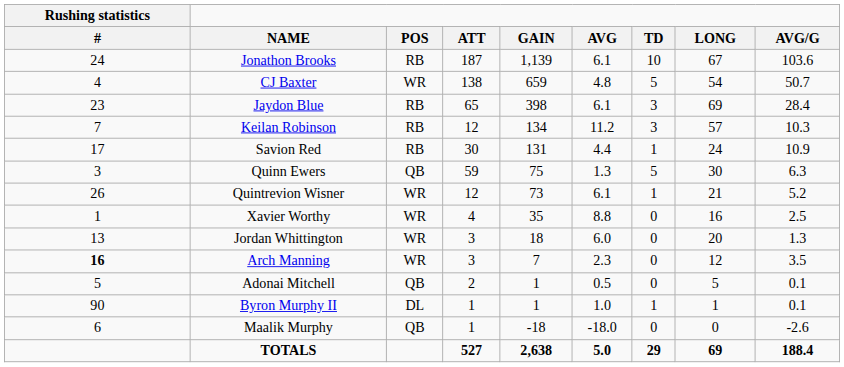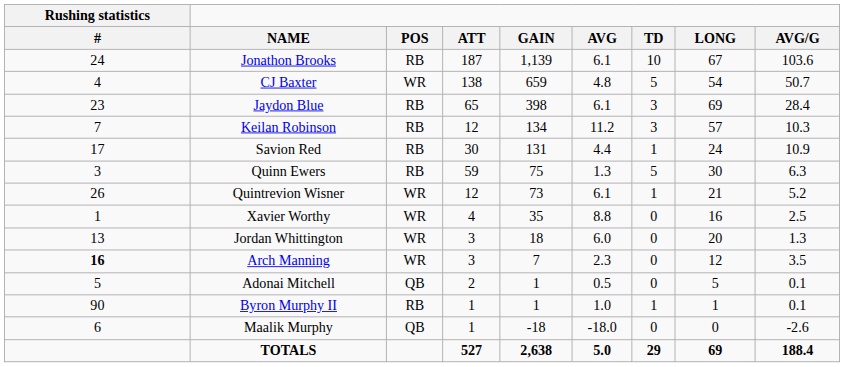 <table style="width:60%; text-align:center;" class="wikitable collapsible collapsed">
 <tr>
 <th style="text-align:center; ">Rushing statistics</th>
 </tr>
 <tr>
 <th>#</th>
 <th>NAME</th>
 <th>POS</th>
 <th>ATT</th>
 <th>GAIN</th>
 <th>AVG</th>
 <th>TD</th>
 <th>LONG</th>
 <th>AVG/G</th>
 </tr>
 <tr>
 <td>24</td>
 <td><a href='#'>Jonathon Brooks</a></td>
 <td>RB</td>
 <td>187</td>
 <td>1,139</td>
 <td>6.1</td>
 <td>10</td>
 <td>67</td>
 <td>103.6</td>
 </tr>
 <tr>
 <td>4</td>
 <td><a href='#'>CJ Baxter</a></td>
 <td>WR</td>
 <td>138</td>
 <td>659</td>
 <td>4.8</td>
 <td>5</td>
 <td>54</td>
 <td>50.7</td>
 </tr>
 <tr>
 <td>23</td>
 <td><a href='#'>Jaydon Blue</a></td>
 <td>RB</td>
 <td>65</td>
 <td>398</td>
 <td>6.1</td>
 <td>3</td>
 <td>69</td>
 <td>28.4</td>
 </tr>
 <tr>
 <td>7</td>
 <td><a href='#'>Keilan Robinson</a></td>
 <td>RB</td>
 <td>12</td>
 <td>134</td>
 <td>11.2</td>
 <td>3</td>
 <td>57</td>
 <td>10.3</td>
 </tr>
 <tr>
 <td>17</td>
 <td>Savion Red</td>
 <td>RB</td>
 <td>30</td>
 <td>131</td>
 <td>4.4</td>
 <td>1</td>
 <td>24</td>
 <td>10.9</td>
 </tr>
 <tr>
 <td>3</td>
 <td>Quinn Ewers</td>
-<td>QB</td>
+<td>RB</td>
 <td>59</td>
 <td>75</td>
 <td>1.3</td>
 <td>5</td>
 <td>30</td>
 <td>6.3</td>
 </tr>
 <tr>
 <td>26</td>
 <td>Quintrevion Wisner</td>
 <td>WR</td>
 <td>12</td>
 <td>73</td>
 <td>6.1</td>
 <td>1</td>
 <td>21</td>
 <td>5.2</td>
 </tr>
 <tr>
 <td>1</td>
 <td>Xavier Worthy</td>
 <td>WR</td>
 <td>4</td>
 <td>35</td>
 <td>8.8</td>
 <td>0</td>
 <td>16</td>
 <td>2.5</td>
 </tr>
 <tr>
 <td>13</td>
 <td>Jordan Whittington</td>
 <td>WR</td>
 <td>3</td>
 <td>18</td>
 <td>6.0</td>
 <td>0</td>
 <td>20</td>
 <td>1.3</td>
 </tr>
 <tr>
 <td><strong>16</strong></td>
 <td><a href='#'>Arch Manning</a></td>
 <td>WR</td>
 <td>3</td>
 <td>7</td>
 <td>2.3</td>
 <td>0</td>
 <td>12</td>
 <td>3.5</td>
 </tr>
 <tr>
 <td>5</td>
 <td>Adonai Mitchell</td>
 <td>QB</td>
 <td>2</td>
 <td>1</td>
 <td>0.5</td>
 <td>0</td>
 <td>5</td>
 <td>0.1</td>
 </tr>
 <tr>
 <td>90</td>
 <td><a href='#'>Byron Murphy II</a></td>
-<td>DL</td>
+<td>RB</td>
 <td>1</td>
 <td>1</td>
 <td>1.0</td>
 <td>1</td>
 <td>1</td>
 <td>0.1</td>
 </tr>
 <tr>
 <td>6</td>
 <td>Maalik Murphy</td>
 <td>QB</td>
 <td>1</td>
 <td>-18</td>
 <td>-18.0</td>
 <td>0</td>
 <td>0</td>
 <td>-2.6</td>
 </tr>
 <tr>
 <td></td>
 <td><strong>TOTALS</strong></td>
 <td></td>
 <td><strong>527</strong></td>
 <td><strong>2,638</strong></td>
 <td><strong>5.0</strong></td>
 <td><strong>29</strong></td>
 <td><strong>69</strong></td>
 <td><strong>188.4</strong></td>
 </tr>
 </table>
